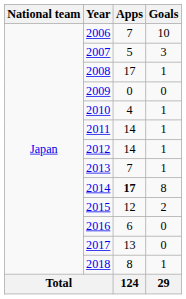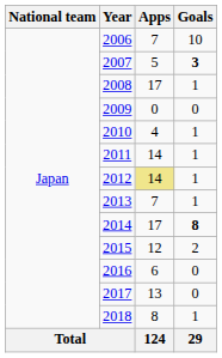 <table class="wikitable" style="text-align:center">
 <tr>
 <th>National team</th>
 <th>Year</th>
 <th>Apps</th>
 <th>Goals</th>
 </tr>
 <tr>
 <td rowspan="13"><a href='#'>Japan</a></td>
 <td><a href='#'>2006</a></td>
 <td>7</td>
 <td>10</td>
 </tr>
 <tr>
 <td><a href='#'>2007</a></td>
 <td>5</td>
-<td>3</td>
+<td><strong>3</strong></td>
 </tr>
 <tr>
 <td><a href='#'>2008</a></td>
 <td>17</td>
 <td>1</td>
 </tr>
 <tr>
 <td><a href='#'>2009</a></td>
 <td>0</td>
 <td>0</td>
 </tr>
 <tr>
 <td><a href='#'>2010</a></td>
 <td>4</td>
 <td>1</td>
 </tr>
 <tr>
 <td><a href='#'>2011</a></td>
 <td>14</td>
 <td>1</td>
 </tr>
 <tr>
 <td><a href='#'>2012</a></td>
-<td>14</td>
+<td style="background: khaki;">14</td>
 <td>1</td>
 </tr>
 <tr>
 <td><a href='#'>2013</a></td>
 <td>7</td>
 <td>1</td>
 </tr>
 <tr>
 <td><a href='#'>2014</a></td>
-<td><strong>17</strong></td>
-<td>8</td>
+<td>17</td>
+<td><strong>8</strong></td>
 </tr>
 <tr>
 <td><a href='#'>2015</a></td>
 <td>12</td>
 <td>2</td>
 </tr>
 <tr>
 <td><a href='#'>2016</a></td>
 <td>6</td>
 <td>0</td>
 </tr>
 <tr>
 <td><a href='#'>2017</a></td>
 <td>13</td>
 <td>0</td>
 </tr>
 <tr>
 <td><a href='#'>2018</a></td>
 <td>8</td>
 <td>1</td>
 </tr>
 <tr>
 <th colspan="2">Total</th>
 <th>124</th>
 <th>29</th>
 </tr>
 </table>
